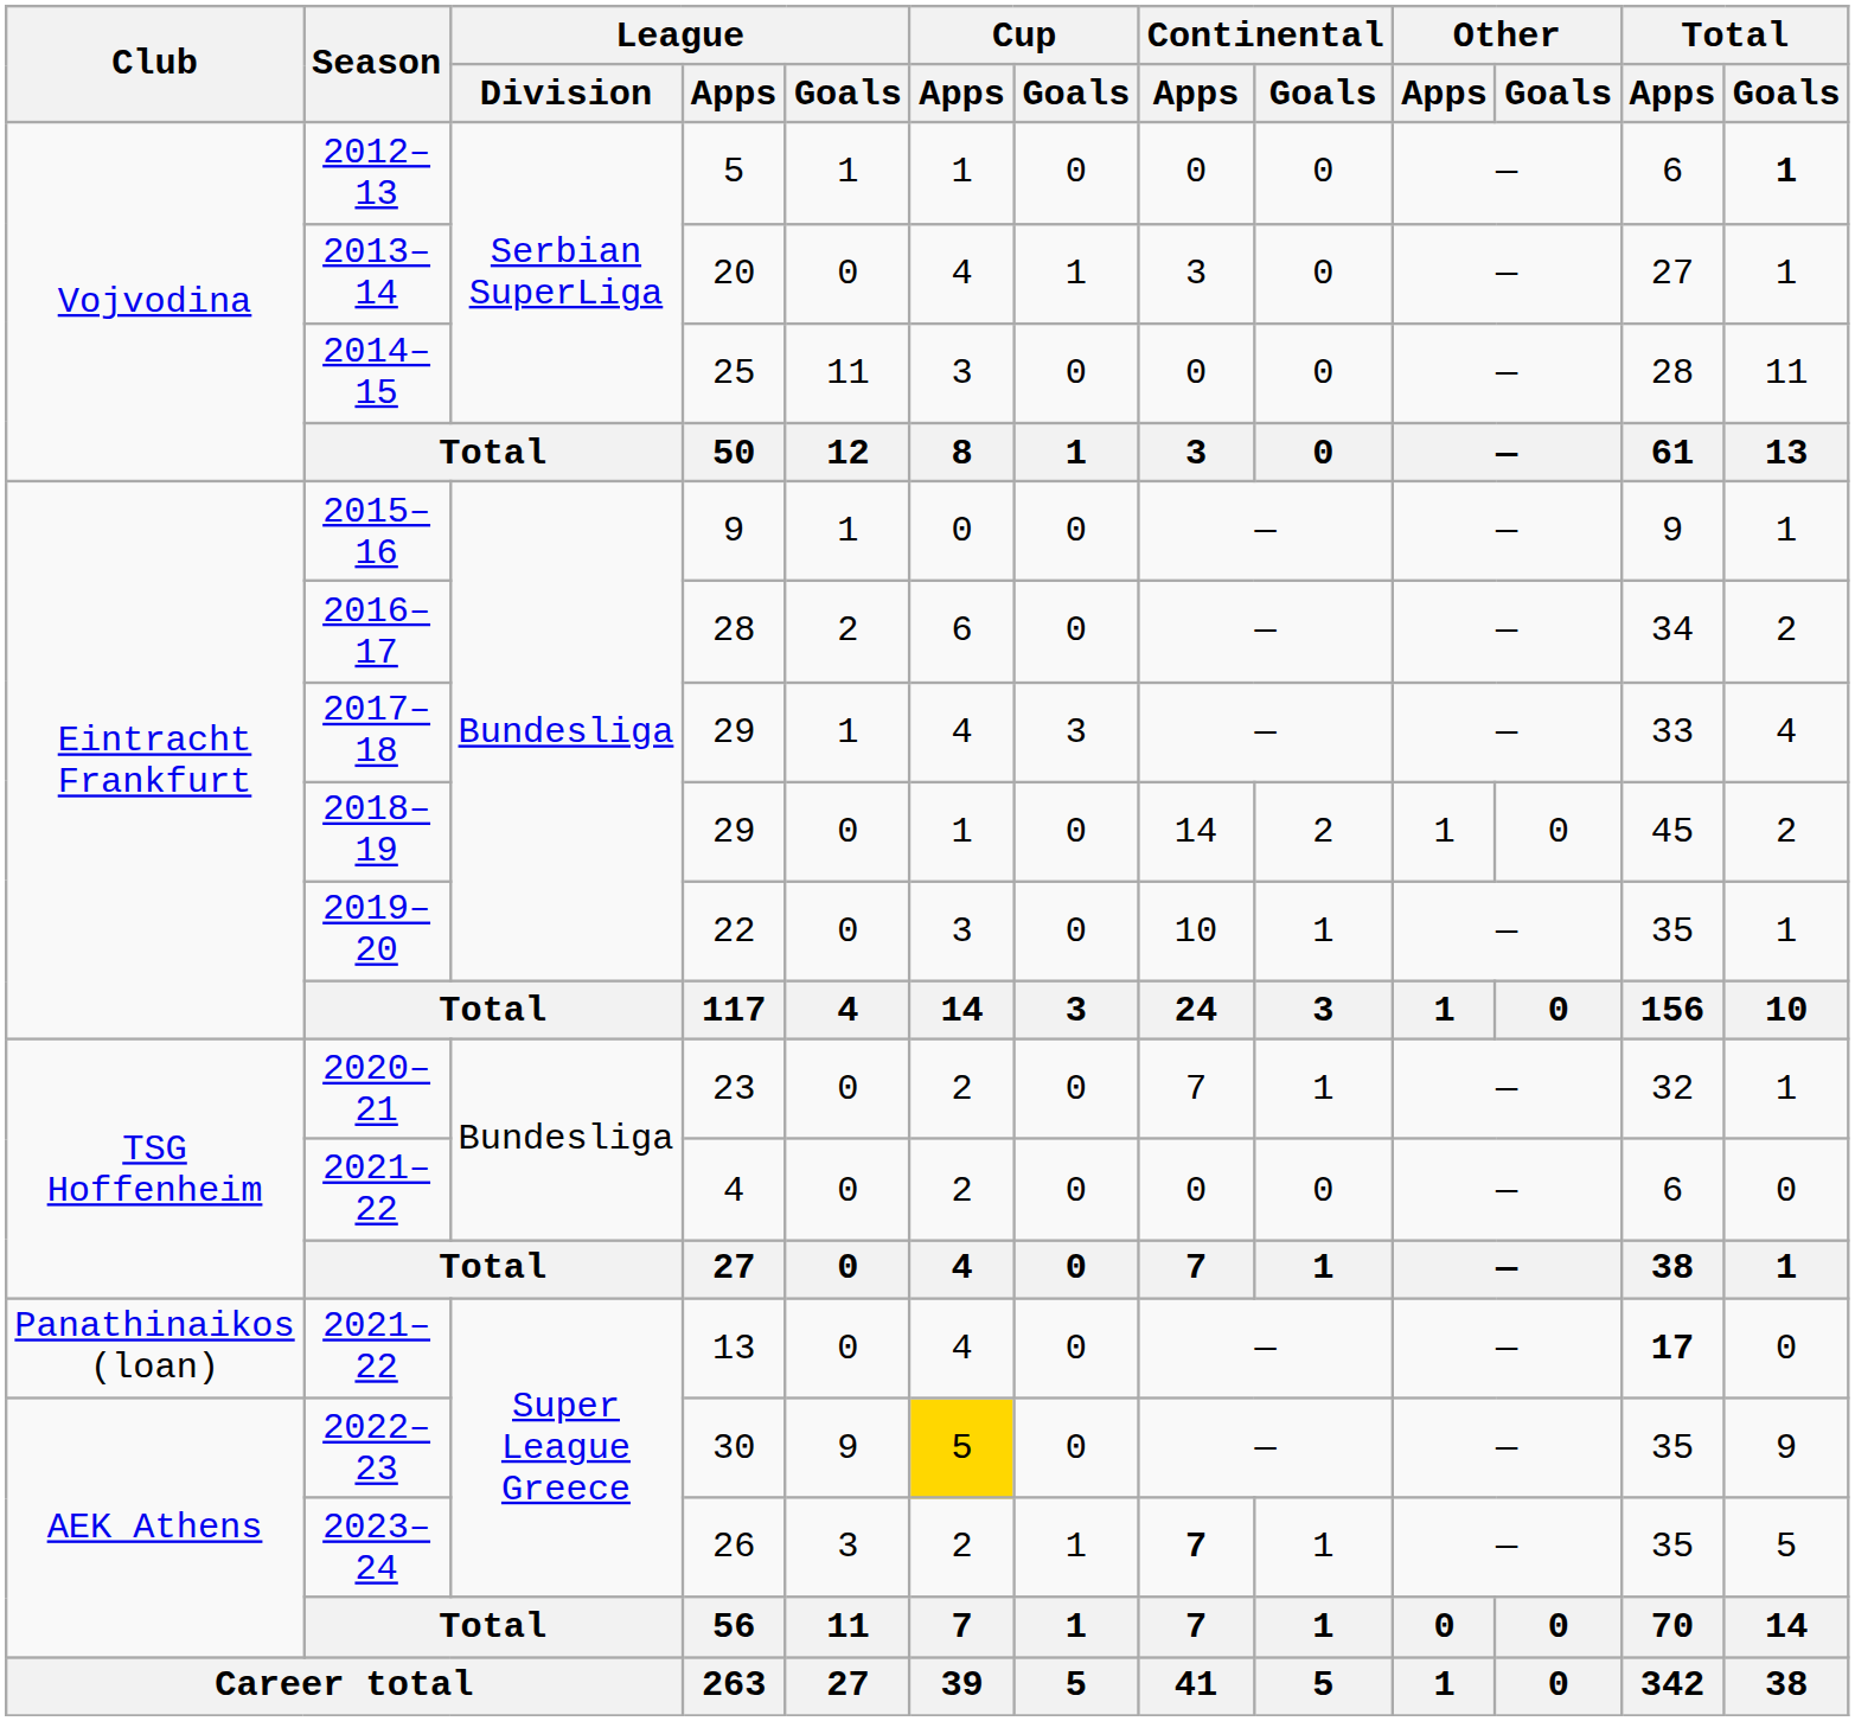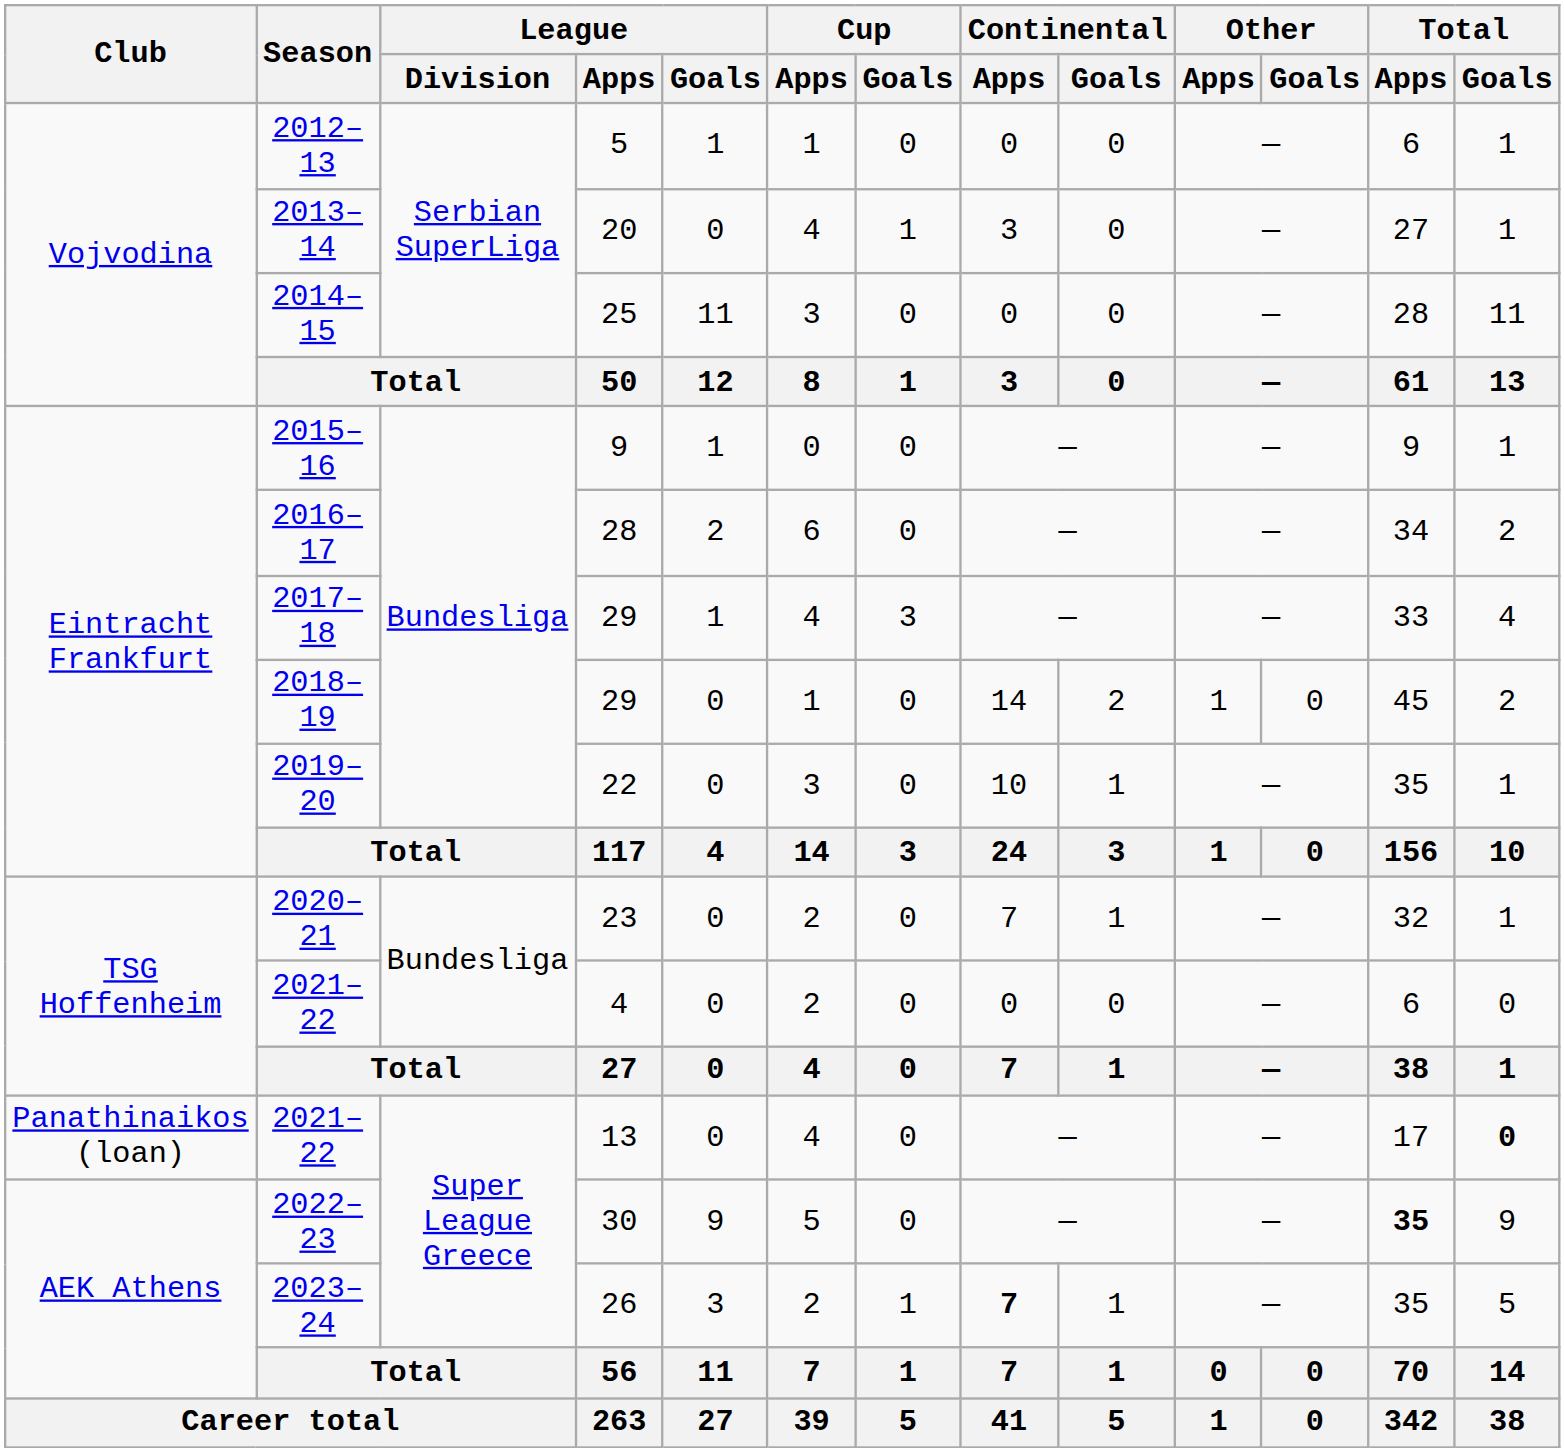 <table class="wikitable" style="text-align:center">
 <tr>
 <th rowspan="2">Club</th>
 <th rowspan="2">Season</th>
 <th colspan="3">League</th>
 <th colspan="2">Cup</th>
 <th colspan="2">Continental</th>
 <th colspan="2">Other</th>
 <th colspan="2">Total</th>
 </tr>
 <tr>
 <th>Division</th>
 <th>Apps</th>
 <th>Goals</th>
 <th>Apps</th>
 <th>Goals</th>
 <th>Apps</th>
 <th>Goals</th>
 <th>Apps</th>
 <th>Goals</th>
 <th>Apps</th>
 <th>Goals</th>
 </tr>
 <tr>
 <td rowspan="4"><a href='#'>Vojvodina</a></td>
 <td><a href='#'>2012–13</a></td>
 <td rowspan="3"><a href='#'>Serbian SuperLiga</a></td>
 <td>5</td>
 <td>1</td>
 <td>1</td>
 <td>0</td>
 <td>0</td>
 <td>0</td>
 <td colspan="2">—</td>
 <td>6</td>
-<td><strong>1</strong></td>
+<td>1</td>
 </tr>
 <tr>
 <td><a href='#'>2013–14</a></td>
 <td>20</td>
 <td>0</td>
 <td>4</td>
 <td>1</td>
 <td>3</td>
 <td>0</td>
 <td colspan="2">—</td>
 <td>27</td>
 <td>1</td>
 </tr>
 <tr>
 <td><a href='#'>2014–15</a></td>
 <td>25</td>
 <td>11</td>
 <td>3</td>
 <td>0</td>
 <td>0</td>
 <td>0</td>
 <td colspan="2">—</td>
 <td>28</td>
 <td>11</td>
 </tr>
 <tr>
 <th colspan="2">Total</th>
 <th>50</th>
 <th>12</th>
 <th>8</th>
 <th>1</th>
 <th>3</th>
 <th>0</th>
 <th colspan="2">—</th>
 <th>61</th>
 <th>13</th>
 </tr>
 <tr>
 <td rowspan="6"><a href='#'>Eintracht Frankfurt</a></td>
 <td><a href='#'>2015–16</a></td>
 <td rowspan="5"><a href='#'>Bundesliga</a></td>
 <td>9</td>
 <td>1</td>
 <td>0</td>
 <td>0</td>
 <td colspan="2">—</td>
 <td colspan="2">—</td>
 <td>9</td>
 <td>1</td>
 </tr>
 <tr>
 <td><a href='#'>2016–17</a></td>
 <td>28</td>
 <td>2</td>
 <td>6</td>
 <td>0</td>
 <td colspan="2">—</td>
 <td colspan="2">—</td>
 <td>34</td>
 <td>2</td>
 </tr>
 <tr>
 <td><a href='#'>2017–18</a></td>
 <td>29</td>
 <td>1</td>
 <td>4</td>
 <td>3</td>
 <td colspan="2">—</td>
 <td colspan="2">—</td>
 <td>33</td>
 <td>4</td>
 </tr>
 <tr>
 <td><a href='#'>2018–19</a></td>
 <td>29</td>
 <td>0</td>
 <td>1</td>
 <td>0</td>
 <td>14</td>
 <td>2</td>
 <td>1</td>
 <td>0</td>
 <td>45</td>
 <td>2</td>
 </tr>
 <tr>
 <td><a href='#'>2019–20</a></td>
 <td>22</td>
 <td>0</td>
 <td>3</td>
 <td>0</td>
 <td>10</td>
 <td>1</td>
 <td colspan="2">—</td>
 <td>35</td>
 <td>1</td>
 </tr>
 <tr>
 <th colspan="2">Total</th>
 <th>117</th>
 <th>4</th>
 <th>14</th>
 <th>3</th>
 <th>24</th>
 <th>3</th>
 <th>1</th>
 <th>0</th>
 <th>156</th>
 <th>10</th>
 </tr>
 <tr>
 <td rowspan="3"><a href='#'>TSG Hoffenheim</a></td>
 <td><a href='#'>2020–21</a></td>
 <td rowspan="2">Bundesliga</td>
 <td>23</td>
 <td>0</td>
 <td>2</td>
 <td>0</td>
 <td>7</td>
 <td>1</td>
 <td colspan="2">—</td>
 <td>32</td>
 <td>1</td>
 </tr>
 <tr>
 <td><a href='#'>2021–22</a></td>
 <td>4</td>
 <td>0</td>
 <td>2</td>
 <td>0</td>
 <td>0</td>
 <td>0</td>
 <td colspan="2">—</td>
 <td>6</td>
 <td>0</td>
 </tr>
 <tr>
 <th colspan="2">Total</th>
 <th>27</th>
 <th>0</th>
 <th>4</th>
 <th>0</th>
 <th>7</th>
 <th>1</th>
 <th colspan="2">—</th>
 <th>38</th>
 <th>1</th>
 </tr>
 <tr>
 <td><a href='#'>Panathinaikos</a> (loan)</td>
 <td><a href='#'>2021–22</a></td>
 <td rowspan="3"><a href='#'>Super League Greece</a></td>
 <td>13</td>
 <td>0</td>
 <td>4</td>
 <td>0</td>
 <td colspan="2">—</td>
 <td colspan="2">—</td>
-<td><strong>17</strong></td>
-<td>0</td>
+<td>17</td>
+<td><strong>0</strong></td>
 </tr>
 <tr>
 <td rowspan="3"><a href='#'>AEK Athens</a></td>
 <td><a href='#'>2022–23</a></td>
 <td>30</td>
 <td>9</td>
-<td style="background: gold;">5</td>
+<td>5</td>
 <td>0</td>
 <td colspan="2">—</td>
 <td colspan="2">—</td>
-<td>35</td>
+<td><strong>35</strong></td>
 <td>9</td>
 </tr>
 <tr>
 <td><a href='#'>2023–24</a></td>
 <td>26</td>
 <td>3</td>
 <td>2</td>
 <td>1</td>
 <td><strong>7</strong></td>
 <td>1</td>
 <td colspan="2">—</td>
 <td>35</td>
 <td>5</td>
 </tr>
 <tr>
 <th colspan="2">Total</th>
 <th>56</th>
 <th>11</th>
 <th>7</th>
 <th>1</th>
 <th>7</th>
 <th>1</th>
 <th>0</th>
 <th>0</th>
 <th>70</th>
 <th>14</th>
 </tr>
 <tr>
 <th colspan="3">Career total</th>
 <th>263</th>
 <th>27</th>
 <th>39</th>
 <th>5</th>
 <th>41</th>
 <th>5</th>
 <th>1</th>
 <th>0</th>
 <th>342</th>
 <th>38</th>
 </tr>
 </table>
